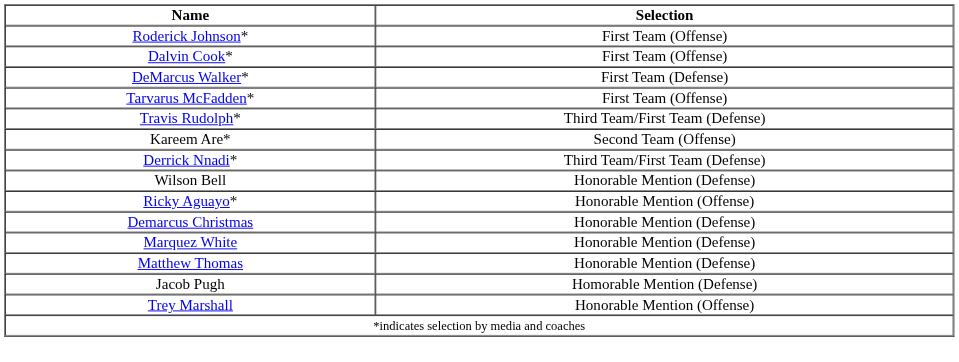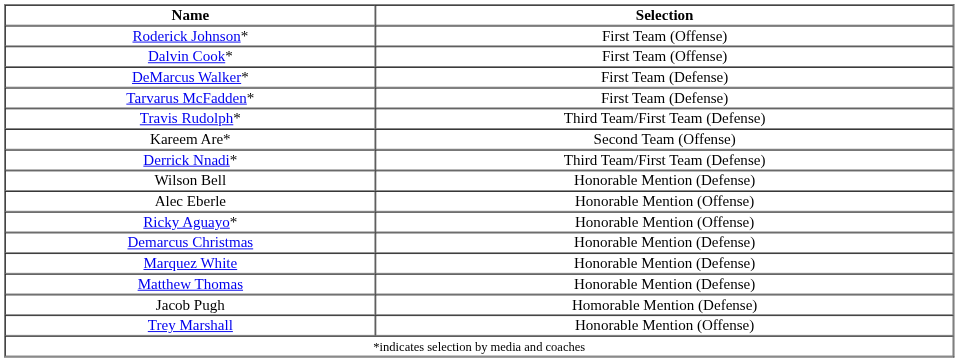 <table cellpadding="1" border="1" cellspacing="0" width="80%">
 <tr>
 <th>Name</th>
 <th>Selection</th>
 </tr>
 <tr align="center">
 <td><a href='#'>Roderick Johnson</a>*</td>
 <td>First Team (Offense)</td>
 </tr>
 <tr align="center">
 <td><a href='#'>Dalvin Cook</a>*</td>
 <td>First Team (Offense)</td>
 </tr>
 <tr align="center">
 <td><a href='#'>DeMarcus Walker</a>*</td>
 <td>First Team (Defense)</td>
 </tr>
 <tr align="center">
 <td><a href='#'>Tarvarus McFadden</a>*</td>
-<td>First Team (Offense)</td>
+<td>First Team (Defense)</td>
 </tr>
 <tr align="center">
 <td><a href='#'>Travis Rudolph</a>*</td>
 <td>Third Team/First Team (Defense)</td>
 </tr>
 <tr align="center">
 <td>Kareem Are*</td>
 <td>Second Team (Offense)</td>
 </tr>
 <tr align="center">
 <td><a href='#'>Derrick Nnadi</a>*</td>
 <td>Third Team/First Team (Defense)</td>
 </tr>
 <tr align="center">
 <td>Wilson Bell</td>
 <td>Honorable Mention (Defense)</td>
+</tr>
+<tr align="center">
+<td>Alec Eberle</td>
+<td>Honorable Mention (Offense)</td>
 </tr>
 <tr align="center">
 <td><a href='#'>Ricky Aguayo</a>*</td>
 <td>Honorable Mention (Offense)</td>
 </tr>
 <tr align="center">
 <td><a href='#'>Demarcus Christmas</a></td>
 <td>Honorable Mention (Defense)</td>
 </tr>
 <tr align="center">
 <td><a href='#'>Marquez White</a></td>
 <td>Honorable Mention (Defense)</td>
 </tr>
 <tr align="center">
 <td><a href='#'>Matthew Thomas</a></td>
 <td>Honorable Mention (Defense)</td>
 </tr>
 <tr align="center">
 <td>Jacob Pugh</td>
 <td>Homorable Mention (Defense)</td>
 </tr>
 <tr align="center">
 <td><a href='#'>Trey Marshall</a></td>
 <td>Honorable Mention (Offense)</td>
 </tr>
 <tr align="center">
 <td colspan=2><small>*indicates selection by media and coaches</small></td>
 </tr>
 </table>
